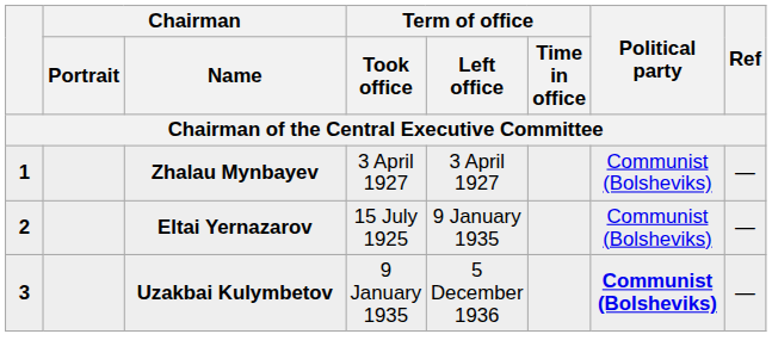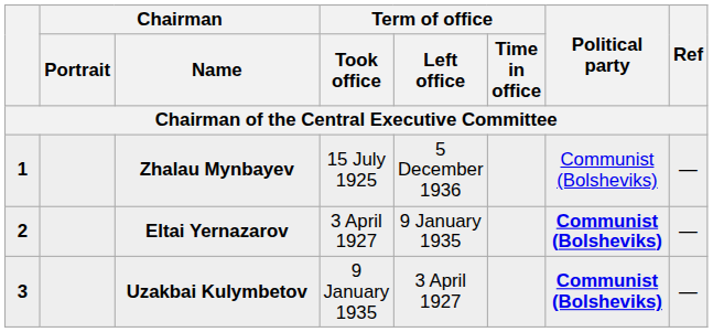 <table class="wikitable"  style="text-align:center">
 <tr>
 <th rowspan=2 style="width:25px;"></th>
 <th colspan=2 style="width:280px;">Chairman<br></th>
 <th colspan="3">Term of office</th>
 <th rowspan="2" style="width:100px;">Political party</th>
 <th rowspan=2 style="width:20px;">Ref</th>
 </tr>
 <tr>
 <th>Portrait</th>
 <th width=180px>Name</th>
 <th>Took office</th>
 <th>Left office</th>
 <th>Time in office</th>
 </tr>
 <tr>
 <th colspan="8"><strong>Chairman of the Central Executive Committee</strong></th>
 </tr>
 <tr bgcolor=#EEEEEE>
 <td style="background:"><strong>1</strong></td>
 <td></td>
 <td><strong>Zhalau Mynbayev</strong><br></td>
-<td>3 April 1927</td>
-<td>3 April 1927</td>
+<td>15 July 1925</td>
+<td>5 December 1936</td>
 <td></td>
 <td style="background:"><a href='#'><span>Communist<br>(Bolsheviks)</span></a></td>
 <td>—</td>
 </tr>
 <tr bgcolor=#EEEEEE>
 <td style="background:"><strong>2</strong></td>
 <td></td>
 <td><strong>Eltai Yernazarov</strong><br></td>
-<td>15 July 1925</td>
+<td>3 April 1927</td>
 <td>9 January 1935</td>
 <td></td>
-<td style="background:"><a href='#'><span>Communist<br>(Bolsheviks)</span></a></td>
+<td style="background:"><strong><a href='#'><span>Communist<br>(Bolsheviks)</span></a></strong></td>
 <td>—</td>
 </tr>
 <tr bgcolor=#EEEEEE>
 <td style="background:"><strong>3</strong></td>
 <td></td>
 <td><strong>Uzakbai Kulymbetov</strong><br></td>
 <td>9 January 1935</td>
-<td>5 December 1936</td>
+<td>3 April 1927</td>
 <td></td>
 <td style="background:"><strong><a href='#'><span>Communist<br>(Bolsheviks)</span></a></strong></td>
 <td>—</td>
 </tr>
 </table>
